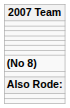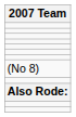 <table class="wikitable collapsible collapsed">
 <tr>
 <th>2007 Team</th>
 </tr>
 <tr>
 <td></td>
 </tr>
 <tr>
 <td></td>
 </tr>
 <tr>
 <td></td>
 </tr>
 <tr>
 <td></td>
 </tr>
 <tr>
 <td></td>
 </tr>
 <tr>
 <td></td>
 </tr>
 <tr>
 <td></td>
 </tr>
 <tr>
-<td><strong> (No 8)</strong></td>
+<td> (No 8)</td>
 </tr>
 <tr>
 <td></td>
 </tr>
 <tr>
 <th>Also Rode:</th>
 </tr>
 <tr>
 <td></td>
 </tr>
 <tr>
 <td></td>
 </tr>
 </table>
